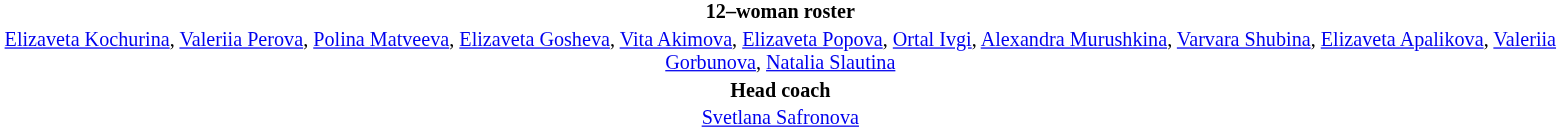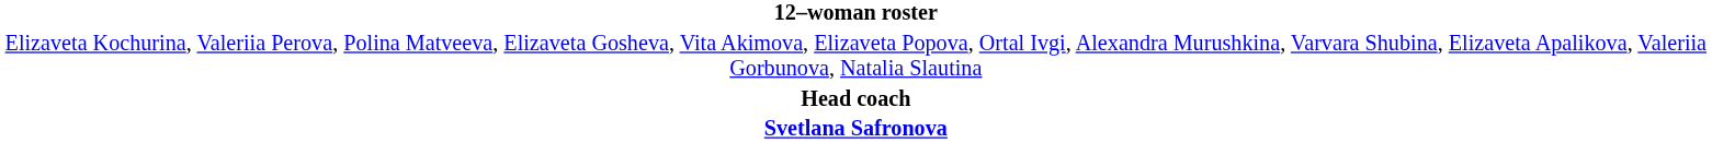 <table style="text-align: center; margin-top: 2em; margin-left: auto; margin-right: auto">
 <tr>
 <td><strong>12–woman roster</strong></td>
 </tr>
 <tr>
 <td><a href='#'>Elizaveta Kochurina</a>, <a href='#'>Valeriia Perova</a>, <a href='#'>Polina Matveeva</a>, <a href='#'>Elizaveta Gosheva</a>, <a href='#'>Vita Akimova</a>, <a href='#'>Elizaveta Popova</a>, <a href='#'>Ortal Ivgi</a>, <a href='#'>Alexandra Murushkina</a>, <a href='#'>Varvara Shubina</a>, <a href='#'>Elizaveta Apalikova</a>, <a href='#'>Valeriia Gorbunova</a>, <a href='#'>Natalia Slautina</a></td>
 </tr>
 <tr>
 <td><strong>Head coach</strong></td>
 </tr>
 <tr>
-<td><a href='#'>Svetlana Safronova</a></td>
+<td><strong><a href='#'>Svetlana Safronova</a></strong></td>
 </tr>
 </table>
